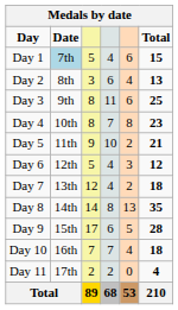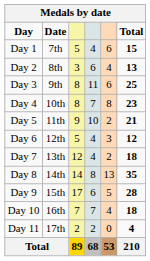 <table class="wikitable" style="font-size:85%" align="right">
 <tr bgcolor="#efefef">
 <th colspan=7><strong>Medals by date</strong></th>
 </tr>
 <tr style="text-align:center;">
 <td><strong>Day</strong></td>
 <td><strong>Date</strong></td>
 <td style="background:#F7F6A8;"></td>
 <td style="background:#DCE5E5;"></td>
 <td style="background:#FFDAB9;"></td>
 <td><strong>Total</strong></td>
 </tr>
 <tr style="text-align:center;">
 <td>Day 1</td>
-<td style="background: lightblue;">7th</td>
+<td>7th</td>
 <td style="background:#F7F6A8;">5</td>
 <td style="background:#DCE5E5;">4</td>
 <td style="background:#FFDAB9;">6</td>
 <td><strong>15</strong></td>
 </tr>
 <tr style="text-align:center;">
 <td>Day 2</td>
 <td>8th</td>
 <td style="background:#F7F6A8;">3</td>
 <td style="background:#DCE5E5;">6</td>
 <td style="background:#FFDAB9;">4</td>
 <td><strong>13</strong></td>
 </tr>
 <tr style="text-align:center;">
 <td>Day 3</td>
 <td>9th</td>
 <td style="background:#F7F6A8;">8</td>
 <td style="background:#DCE5E5;">11</td>
 <td style="background:#FFDAB9;">6</td>
 <td><strong>25</strong></td>
 </tr>
 <tr style="text-align:center;">
 <td>Day 4</td>
 <td>10th</td>
 <td style="background:#F7F6A8;">8</td>
 <td style="background:#DCE5E5;">7</td>
 <td style="background:#FFDAB9;">8</td>
 <td><strong>23</strong></td>
 </tr>
 <tr style="text-align:center;">
 <td>Day 5</td>
 <td>11th</td>
 <td style="background:#F7F6A8;">9</td>
 <td style="background:#DCE5E5;">10</td>
 <td style="background:#FFDAB9;">2</td>
 <td><strong>21</strong></td>
 </tr>
 <tr style="text-align:center;">
 <td>Day 6</td>
 <td>12th</td>
 <td style="background:#F7F6A8;">5</td>
 <td style="background:#DCE5E5;">4</td>
 <td style="background:#FFDAB9;">3</td>
 <td><strong>12</strong></td>
 </tr>
 <tr style="text-align:center;">
 <td>Day 7</td>
 <td>13th</td>
 <td style="background:#F7F6A8;">12</td>
 <td style="background:#DCE5E5;">4</td>
 <td style="background:#FFDAB9;">2</td>
 <td><strong>18</strong></td>
 </tr>
 <tr style="text-align:center;">
 <td>Day 8</td>
 <td>14th</td>
 <td style="background:#F7F6A8;">14</td>
 <td style="background:#DCE5E5;">8</td>
 <td style="background:#FFDAB9;">13</td>
 <td><strong>35</strong></td>
 </tr>
 <tr style="text-align:center;">
 <td>Day 9</td>
 <td>15th</td>
 <td style="background:#F7F6A8;">17</td>
 <td style="background:#DCE5E5;">6</td>
 <td style="background:#FFDAB9;">5</td>
 <td><strong>28</strong></td>
 </tr>
 <tr style="text-align:center;">
 <td>Day 10</td>
 <td>16th</td>
 <td style="background:#F7F6A8;">7</td>
 <td style="background:#DCE5E5;">7</td>
 <td style="background:#FFDAB9;">4</td>
 <td><strong>18</strong></td>
 </tr>
 <tr style="text-align:center;">
 <td>Day 11</td>
 <td>17th</td>
 <td style="background:#F7F6A8;">2</td>
 <td style="background:#DCE5E5;">2</td>
 <td style="background:#FFDAB9;">0</td>
 <td><strong>4</strong></td>
 </tr>
 <tr>
 <th colspan="2"><strong>Total</strong></th>
 <th style="background:gold;"><strong>89</strong></th>
 <th style="background:silver;"><strong>68</strong></th>
 <th style="background:#CC9966;"><strong>53</strong></th>
 <th><strong>210</strong></th>
 </tr>
 </table>
